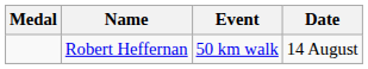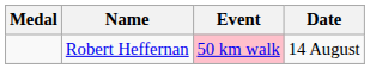 <table class="wikitable" style="font-size:90%">
 <tr>
 <th>Medal</th>
 <th>Name</th>
 <th>Event</th>
 <th>Date</th>
 </tr>
 <tr>
 <td></td>
 <td><a href='#'>Robert Heffernan</a></td>
-<td><a href='#'>50 km walk</a></td>
+<td style="background: pink;"><a href='#'>50 km walk</a></td>
 <td>14 August</td>
 </tr>
 <tr>
 </tr>
 </table>
